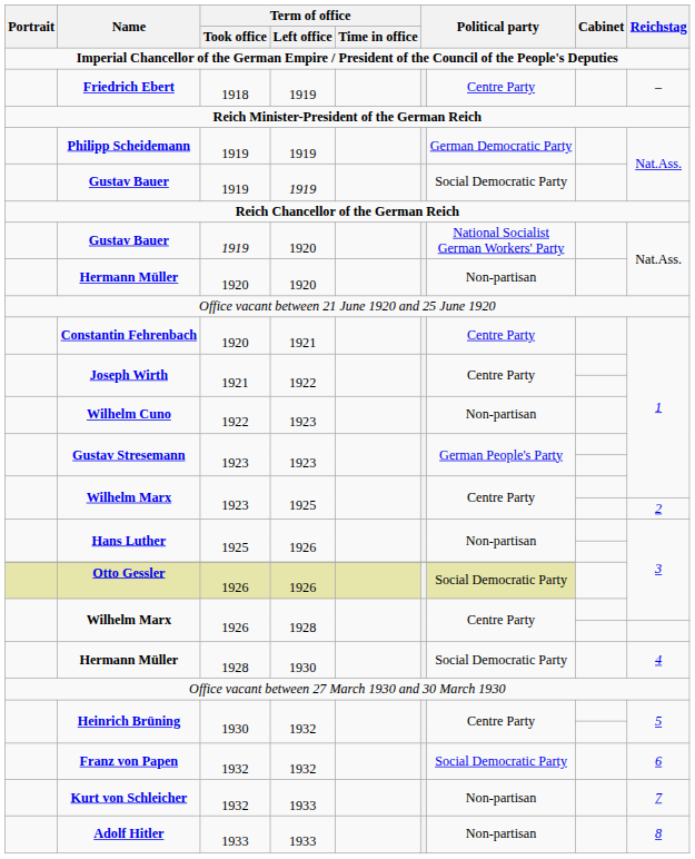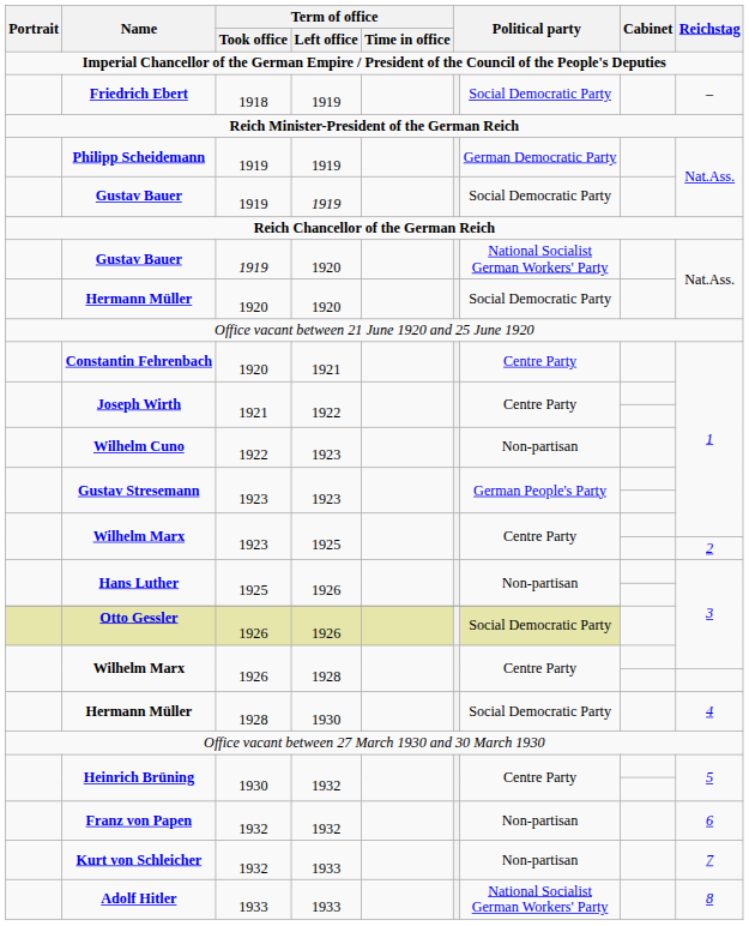 <table class="wikitable" style="text-align:center">
 <tr>
 <th rowspan=2 scope="col" class=unsortable>Portrait</th>
 <th rowspan=2>Name<br></th>
 <th colspan=3>Term of office</th>
 <th colspan=2 rowspan=2>Political party</th>
 <th rowspan=2>Cabinet</th>
 <th rowspan=2><a href='#'>Reichstag</a></th>
 </tr>
 <tr>
 <th>Took office</th>
 <th>Left office</th>
 <th>Time in office</th>
 </tr>
 <tr>
 <td colspan="9"><strong>Imperial Chancellor of the German Empire / President of the Council of the People's Deputies</strong></td>
 </tr>
 <tr>
 <td></td>
 <td><strong><a href='#'>Friedrich Ebert</a></strong><br></td>
 <td><br>1918</td>
 <td><br>1919</td>
 <td><small></small></td>
 <th style="background:"></th>
-<td><a href='#'>Centre Party</a></td>
+<td><a href='#'>Social Democratic Party</a></td>
 <td><br></td>
 <td>–</td>
 </tr>
 <tr>
 <td colspan="9"><strong>Reich Minister-President of the German Reich</strong></td>
 </tr>
 <tr>
 <td></td>
 <td><strong><a href='#'>Philipp Scheidemann</a></strong><br></td>
 <td><br>1919</td>
 <td><br>1919</td>
 <td><small></small></td>
 <th style="background:"></th>
 <td><a href='#'>German Democratic Party</a></td>
 <td><br></td>
 <td rowspan="2"><a href='#'>Nat.Ass.</a><br></td>
 </tr>
 <tr>
 <td></td>
 <td><strong><a href='#'>Gustav Bauer</a></strong><br></td>
 <td><br>1919</td>
 <td><em><br>1919</em></td>
 <td><small></small></td>
 <th style="background:"></th>
 <td>Social Democratic Party</td>
 <td><br></td>
 </tr>
 <tr>
 <td colspan="9"><strong>Reich Chancellor of the German Reich</strong></td>
 </tr>
 <tr>
 <td></td>
 <td><strong><a href='#'>Gustav Bauer</a></strong><br></td>
 <td><em><br>1919</em></td>
 <td><br>1920</td>
 <td><small></small></td>
 <th style="background:"></th>
 <td><a href='#'>National Socialist<br>German Workers' Party</a></td>
 <td><br></td>
 <td rowspan="2">Nat.Ass.<br></td>
 </tr>
 <tr>
 <td></td>
 <td><strong><a href='#'>Hermann Müller</a></strong><br></td>
 <td><br>1920</td>
 <td><br>1920</td>
 <td><small></small></td>
 <th style="background:"></th>
-<td>Non-partisan</td>
+<td>Social Democratic Party</td>
 <td><br></td>
 </tr>
 <tr>
 <td colspan="9"><em>Office vacant between 21 June 1920 and 25 June 1920</em></td>
 </tr>
 <tr>
 <td></td>
 <td><strong><a href='#'>Constantin Fehrenbach</a></strong><br></td>
 <td><br>1920</td>
 <td><br>1921</td>
 <td><small></small></td>
 <th style="background:"></th>
 <td><a href='#'>Centre Party</a></td>
 <td><br></td>
 <td rowspan="7"><a href='#'><em>1</em><br></a></td>
 </tr>
 <tr>
 <td rowspan="2"></td>
 <td rowspan="2"><strong><a href='#'>Joseph Wirth</a></strong><br></td>
 <td rowspan="2"><br>1921</td>
 <td rowspan="2"><br>1922</td>
 <td rowspan="2"><small></small></td>
 <th rowspan="2" style="background:"></th>
 <td rowspan="2">Centre Party</td>
 <td><br></td>
 </tr>
 <tr>
 <td><br></td>
 </tr>
 <tr>
 <td></td>
 <td><strong><a href='#'>Wilhelm Cuno</a></strong><br></td>
 <td><br>1922</td>
 <td><br>1923</td>
 <td><small></small></td>
 <th style="background:"></th>
 <td>Non-partisan</td>
 <td><br></td>
 </tr>
 <tr>
 <td rowspan="2"></td>
 <td rowspan="2"><strong><a href='#'>Gustav Stresemann</a></strong><br></td>
 <td rowspan="2"><br>1923</td>
 <td rowspan="2"><br>1923</td>
 <td rowspan="2"><small></small></td>
 <th rowspan="2" style="background:"></th>
 <td rowspan="2"><a href='#'>German People's Party</a></td>
 <td><br></td>
 </tr>
 <tr>
 <td><br></td>
 </tr>
 <tr>
 <td rowspan="2"></td>
 <td rowspan="2"><strong><a href='#'>Wilhelm Marx</a></strong><br></td>
 <td rowspan="2"><br>1923</td>
 <td rowspan="2"><br>1925</td>
 <td rowspan="2"><small></small></td>
 <th rowspan="2" style="background:"></th>
 <td rowspan="2">Centre Party</td>
 <td><br></td>
 </tr>
 <tr>
 <td><br></td>
 <td><a href='#'><em>2</em><br></a></td>
 </tr>
 <tr>
 <td rowspan=2></td>
 <td rowspan=2><strong><a href='#'>Hans Luther</a></strong><br></td>
 <td rowspan=2><br>1925</td>
 <td rowspan=2><br>1926</td>
 <td rowspan=2><small></small></td>
 <th rowspan=2 style="background:"></th>
 <td rowspan=2>Non-partisan</td>
 <td><br></td>
 <td rowspan=5><a href='#'><em>3</em><br></a></td>
 </tr>
 <tr>
 <td rowspan=2><br></td>
 </tr>
 <tr>
 </tr>
 <tr style="background-color: #E6E6AA">
 <td></td>
 <td style="background-color: #E6E6AA"><strong><a href='#'>Otto Gessler</a></strong><br><br></td>
 <td><br>1926</td>
 <td><br>1926</td>
 <td><small></small></td>
 <th style="background:"></th>
 <td>Social Democratic Party</td>
 </tr>
 <tr>
 <td rowspan="2"></td>
 <td rowspan="2"><strong>Wilhelm Marx</strong><br></td>
 <td rowspan="2"><br>1926</td>
 <td rowspan="2"><br>1928</td>
 <td rowspan="2"><small></small></td>
 <th rowspan="2" style="background:"></th>
 <td rowspan="2">Centre Party</td>
 <td><br></td>
 </tr>
 <tr>
 <td><br></td>
 </tr>
 <tr>
 <td></td>
 <td><strong>Hermann Müller</strong><br></td>
 <td><br>1928</td>
 <td><br>1930</td>
 <td><small></small></td>
 <th style="background:"></th>
 <td>Social Democratic Party</td>
 <td><br></td>
 <td><a href='#'><em>4</em><br></a></td>
 </tr>
 <tr>
 <td colspan="9"><em>Office vacant between 27 March 1930 and 30 March 1930</em></td>
 </tr>
 <tr>
 <td rowspan="2"></td>
 <td rowspan="2"><strong><a href='#'>Heinrich Brüning</a></strong><br></td>
 <td rowspan="2"><br>1930</td>
 <td rowspan="2"><br>1932</td>
 <td rowspan="2"><small></small></td>
 <th rowspan="2" style="background:"></th>
 <td rowspan="2">Centre Party</td>
 <td><br></td>
 <td rowspan=2><a href='#'><em>5</em><br></a></td>
 </tr>
 <tr>
 <td><br></td>
 </tr>
 <tr>
 <td></td>
 <td><strong><a href='#'>Franz von Papen</a></strong><br></td>
 <td><br>1932</td>
 <td><br>1932</td>
 <td><small></small></td>
 <th style="background:"></th>
-<td><a href='#'>Social Democratic Party</a></td>
+<td>Non-partisan</td>
 <td><br></td>
 <td><a href='#'><em>6</em><br></a></td>
 </tr>
 <tr>
 <td></td>
 <td><strong><a href='#'>Kurt von Schleicher</a></strong><br></td>
 <td><br>1932</td>
 <td><br>1933</td>
 <td><small></small></td>
 <th style="background:"></th>
 <td>Non-partisan</td>
 <td><br></td>
 <td><a href='#'><em>7</em><br></a></td>
 </tr>
 <tr>
 <td></td>
 <td><strong><a href='#'>Adolf Hitler</a></strong><br></td>
 <td><br>1933</td>
 <td><br>1933</td>
 <td><small></small></td>
 <th style="background:"></th>
-<td>Non-partisan</td>
+<td><a href='#'>National Socialist<br>German Workers' Party</a></td>
 <td><br></td>
 <td><a href='#'><em>8</em> </a></td>
 </tr>
 </table>
